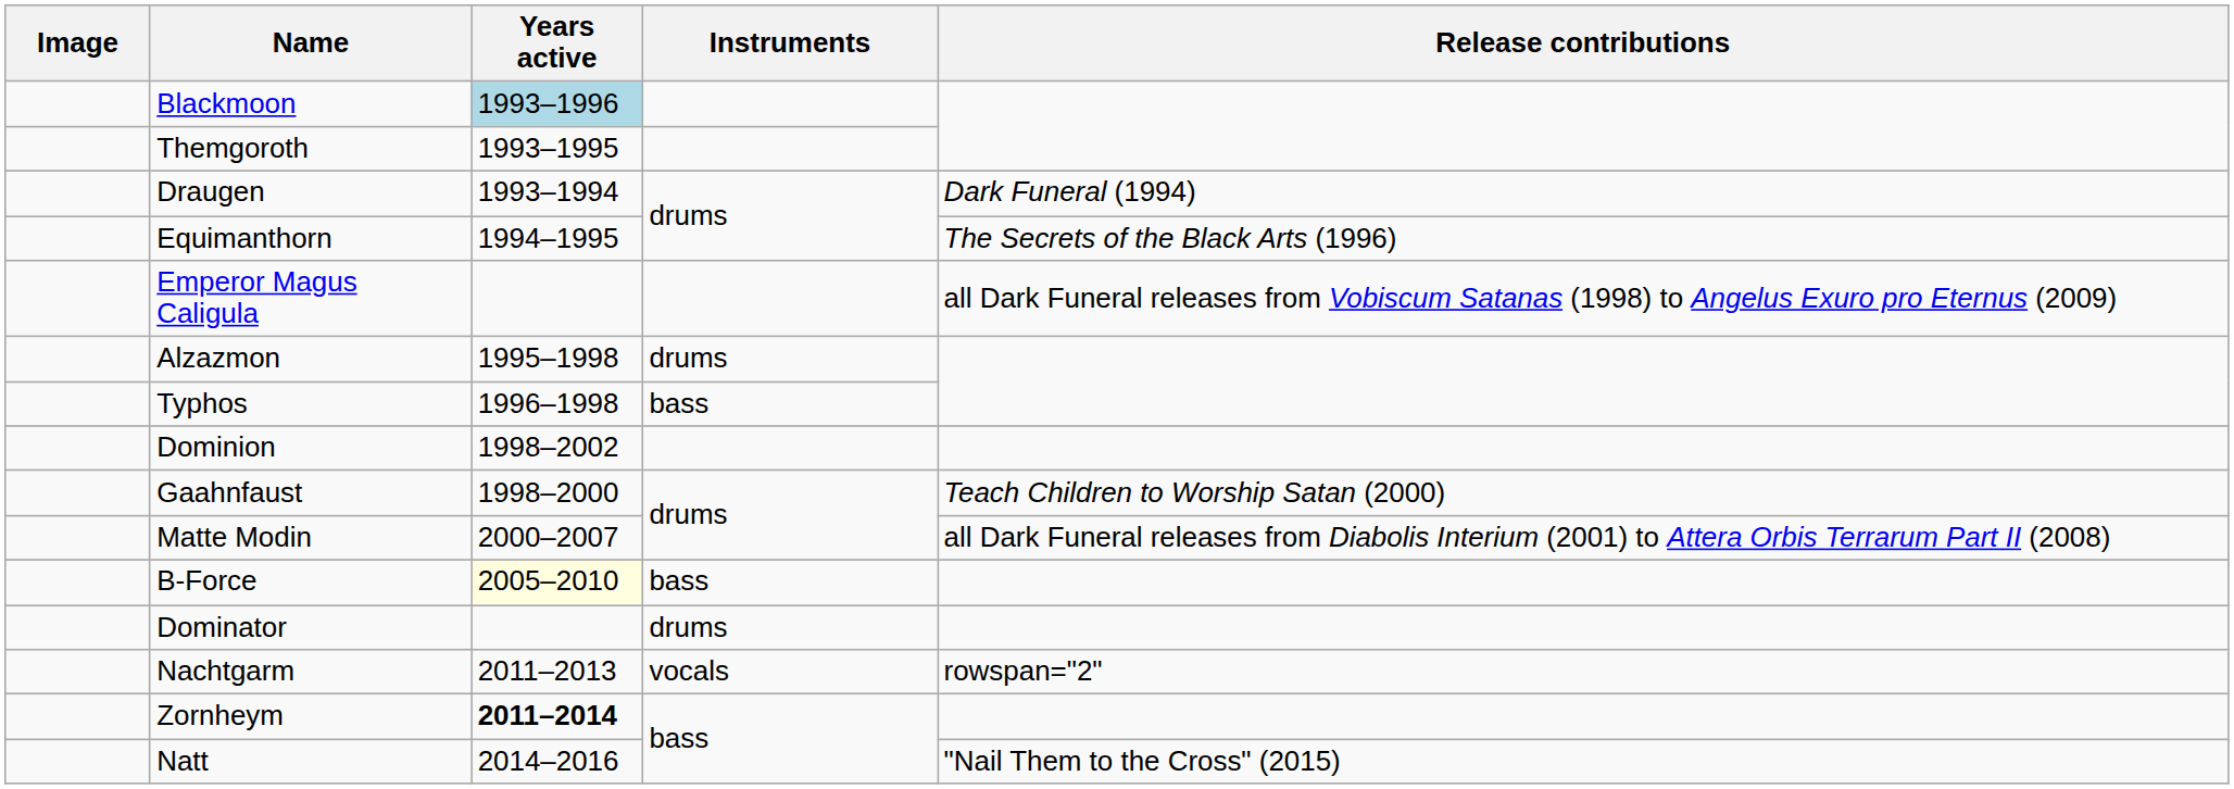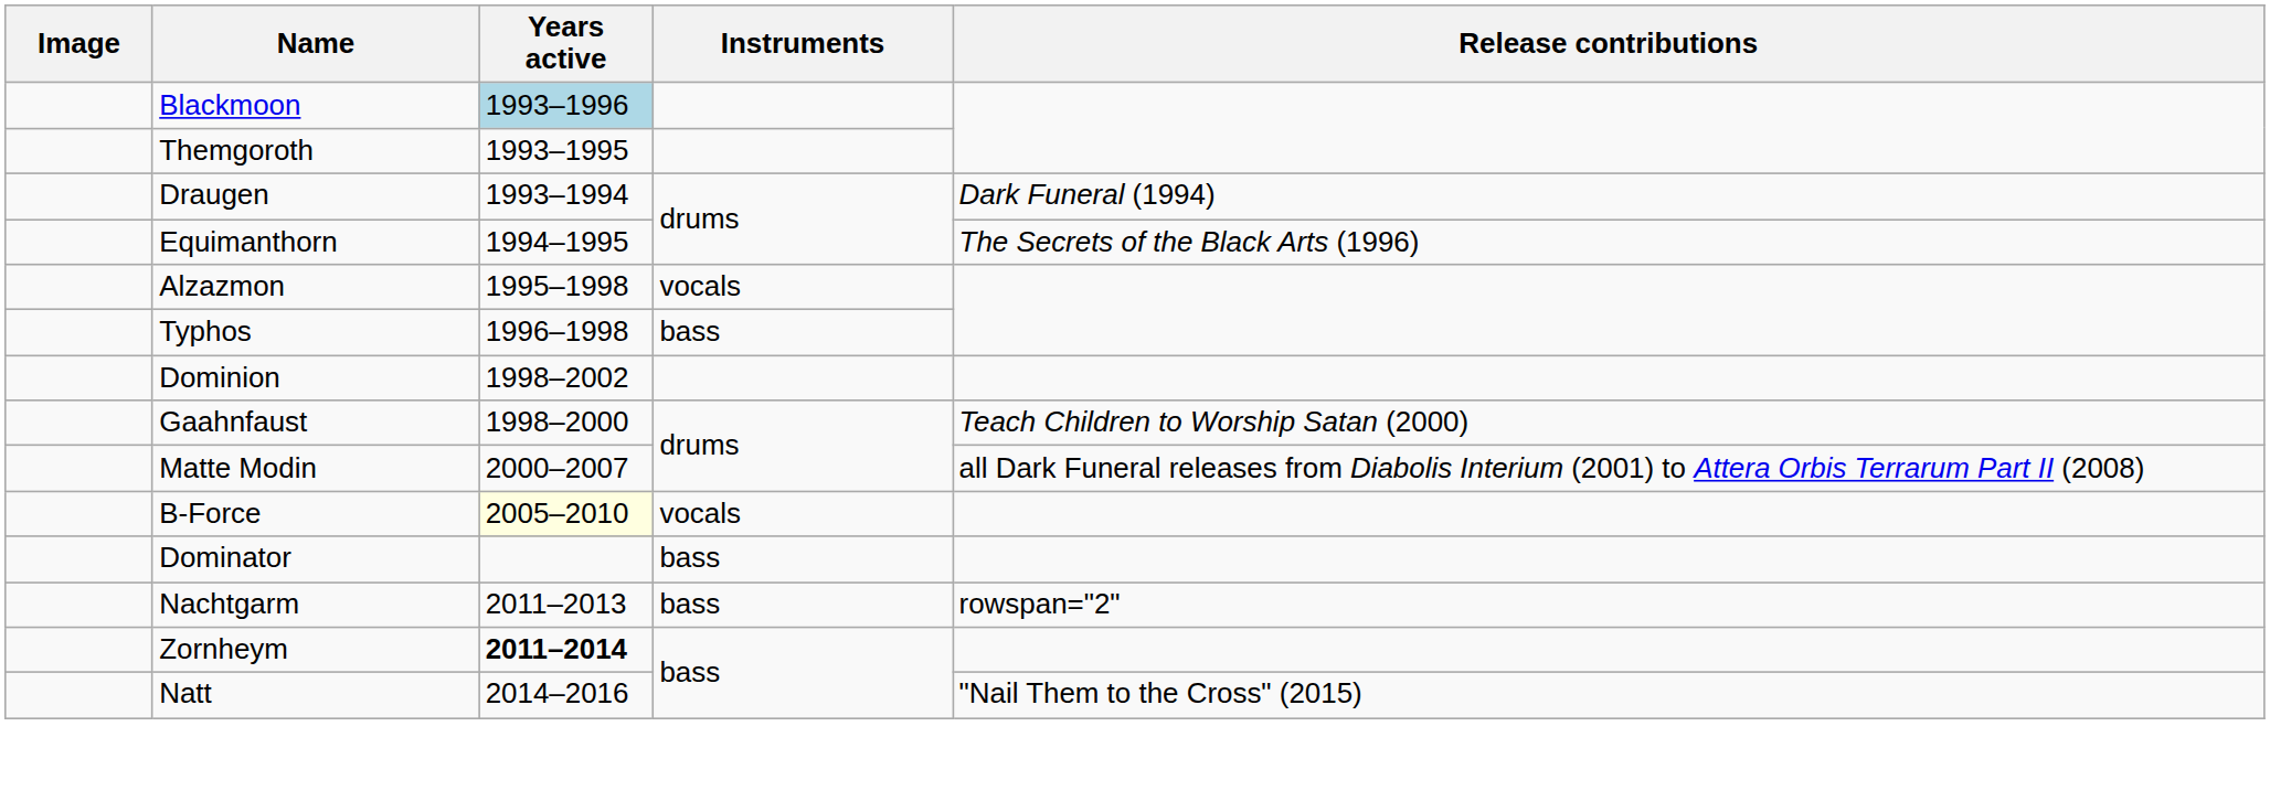 <table class="wikitable" border="1" width=100%>
 <tr>
 <th width="75">Image</th>
 <th width="175">Name </th>
 <th width="90">Years active</th>
 <th width="160">Instruments</th>
 <th>Release contributions</th>
 </tr>
 <tr>
 <td></td>
 <td><a href='#'>Blackmoon</a><br></td>
 <td style="background: lightblue;">1993–1996 </td>
 <td></td>
 <td rowspan="2"></td>
 </tr>
 <tr>
 <td></td>
 <td>Themgoroth<br></td>
 <td>1993–1995 </td>
 <td></td>
 </tr>
 <tr>
 <td></td>
 <td>Draugen<br></td>
 <td>1993–1994</td>
 <td rowspan="2">drums</td>
 <td><em>Dark Funeral</em> (1994)</td>
 </tr>
 <tr>
 <td></td>
 <td>Equimanthorn<br></td>
 <td>1994–1995</td>
 <td><em>The Secrets of the Black Arts</em> (1996)</td>
 </tr>
 <tr>
 <td></td>
-<td><a href='#'>Emperor Magus Caligula</a><br></td>
-<td></td>
-<td></td>
-<td>all Dark Funeral releases from <em><a href='#'>Vobiscum Satanas</a></em> (1998) to <em><a href='#'>Angelus Exuro pro Eternus</a></em> (2009)</td>
-</tr>
-<tr>
-<td></td>
 <td>Alzazmon<br></td>
 <td>1995–1998</td>
-<td>drums</td>
+<td>vocals</td>
 <td rowspan="2"></td>
 </tr>
 <tr>
 <td></td>
 <td>Typhos<br></td>
 <td>1996–1998 </td>
 <td>bass</td>
 </tr>
 <tr>
 <td></td>
 <td>Dominion<br></td>
 <td>1998–2002 </td>
 <td></td>
 <td></td>
 </tr>
 <tr>
 <td></td>
 <td>Gaahnfaust<br></td>
 <td>1998–2000 </td>
 <td rowspan="2">drums</td>
 <td><em>Teach Children to Worship Satan</em> (2000)</td>
 </tr>
 <tr>
 <td></td>
 <td>Matte Modin</td>
 <td>2000–2007</td>
 <td>all Dark Funeral releases from <em>Diabolis Interium</em> (2001) to <em><a href='#'>Attera Orbis Terrarum Part II</a></em> (2008)</td>
 </tr>
 <tr>
 <td></td>
 <td>B-Force<br></td>
 <td style="background: lightyellow;">2005–2010 </td>
-<td>bass</td>
+<td>vocals</td>
 <td></td>
 </tr>
 <tr>
 <td></td>
 <td>Dominator<br></td>
 <td></td>
-<td>drums</td>
+<td>bass</td>
 <td></td>
 </tr>
 <tr>
 <td></td>
 <td>Nachtgarm<br></td>
 <td>2011–2013</td>
-<td>vocals</td>
+<td>bass</td>
 <td>rowspan="2" </td>
 </tr>
 <tr>
 <td></td>
 <td>Zornheym<br></td>
 <td><strong>2011–2014</strong></td>
 <td rowspan="2">bass</td>
 </tr>
 <tr>
 <td></td>
 <td>Natt<br></td>
 <td>2014–2016</td>
 <td>"Nail Them to the Cross" (2015)</td>
 </tr>
 </table>
